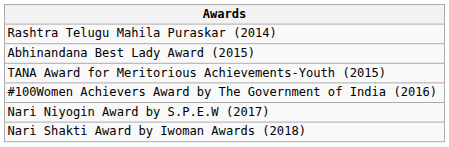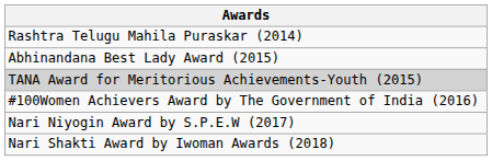 <table class="wikitable sortable"  style="width:450px; font-size:95%;">
 <tr>
 <th style="text-align:center;">Awards</th>
 </tr>
 <tr>
 <td>Rashtra Telugu Mahila Puraskar (2014)</td>
 </tr>
 <tr>
 <td>Abhinandana Best Lady Award (2015)</td>
 </tr>
 <tr>
-<td>TANA Award for Meritorious Achievements-Youth (2015)</td>
+<td style="background: lightgrey;">TANA Award for Meritorious Achievements-Youth (2015)</td>
 </tr>
 <tr>
 <td>#100Women Achievers Award by The Government of India (2016)</td>
 </tr>
 <tr>
 <td>Nari Niyogin Award by S.P.E.W (2017)</td>
 </tr>
 <tr>
 <td>Nari Shakti Award by Iwoman Awards (2018)</td>
 </tr>
 </table>
